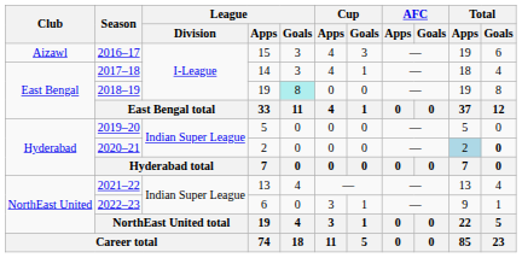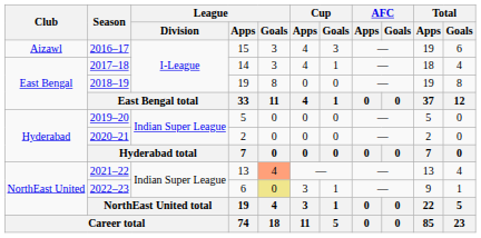 <table class="wikitable" style="text-align: center;">
 <tr>
 <th rowspan="2">Club</th>
 <th rowspan="2">Season</th>
 <th colspan="3">League</th>
 <th colspan="2">Cup</th>
 <th colspan="2"><a href='#'>AFC</a></th>
 <th colspan="2">Total</th>
 </tr>
 <tr>
 <th>Division</th>
 <th>Apps</th>
 <th>Goals</th>
 <th>Apps</th>
 <th>Goals</th>
 <th>Apps</th>
 <th>Goals</th>
 <th>Apps</th>
 <th>Goals</th>
 </tr>
 <tr>
 <td rowspan="1"><a href='#'>Aizawl</a></td>
 <td><a href='#'>2016–17</a></td>
 <td rowspan="3"><a href='#'>I-League</a></td>
 <td>15</td>
 <td>3</td>
 <td>4</td>
 <td>3</td>
 <td colspan="2">—</td>
 <td>19</td>
 <td>6</td>
 </tr>
 <tr>
 <td rowspan="3"><a href='#'>East Bengal</a></td>
 <td><a href='#'>2017–18</a></td>
 <td>14</td>
 <td>3</td>
 <td>4</td>
 <td>1</td>
 <td colspan="2">—</td>
 <td>18</td>
 <td>4</td>
 </tr>
 <tr>
 <td><a href='#'>2018–19</a></td>
 <td>19</td>
-<td style="background: paleturquoise;">8</td>
+<td>8</td>
 <td>0</td>
 <td>0</td>
 <td colspan="2">—</td>
 <td>19</td>
 <td>8</td>
 </tr>
 <tr>
 <th colspan="2">East Bengal total</th>
 <th>33</th>
 <th>11</th>
 <th>4</th>
 <th>1</th>
 <th>0</th>
 <th>0</th>
 <th>37</th>
 <th>12</th>
 </tr>
 <tr>
 <td rowspan="3"><a href='#'>Hyderabad</a></td>
 <td><a href='#'>2019–20</a></td>
 <td rowspan="2"><a href='#'>Indian Super League</a></td>
 <td>5</td>
 <td>0</td>
 <td>0</td>
 <td>0</td>
 <td colspan="2">—</td>
 <td>5</td>
 <td>0</td>
 </tr>
 <tr>
 <td><a href='#'>2020–21</a></td>
 <td>2</td>
 <td>0</td>
 <td>0</td>
 <td>0</td>
 <td colspan="2">—</td>
-<td style="background: lightblue;">2</td>
-<td><strong>0</strong></td>
+<td>2</td>
+<td>0</td>
 </tr>
 <tr>
 <th colspan="2">Hyderabad total</th>
 <th>7</th>
 <th>0</th>
 <th>0</th>
 <th>0</th>
 <th>0</th>
 <th>0</th>
 <th>7</th>
 <th>0</th>
 </tr>
 <tr>
 <td rowspan="3"><a href='#'>NorthEast United</a></td>
 <td><a href='#'>2021–22</a></td>
 <td rowspan="2">Indian Super League</td>
 <td>13</td>
-<td>4</td>
+<td style="background: lightsalmon;">4</td>
 <td colspan="2">—</td>
 <td colspan="2">—</td>
 <td>13</td>
 <td>4</td>
 </tr>
 <tr>
 <td><a href='#'>2022–23</a></td>
 <td>6</td>
-<td>0</td>
+<td style="background: khaki;">0</td>
 <td>3</td>
 <td>1</td>
 <td colspan="2">—</td>
 <td>9</td>
 <td>1</td>
 </tr>
 <tr>
 <th colspan="2">NorthEast United total</th>
 <th>19</th>
 <th>4</th>
 <th>3</th>
 <th>1</th>
 <th>0</th>
 <th>0</th>
 <th>22</th>
 <th>5</th>
 </tr>
 <tr>
 <th colspan="3">Career total</th>
 <th>74</th>
 <th>18</th>
 <th>11</th>
 <th>5</th>
 <th>0</th>
 <th>0</th>
 <th>85</th>
 <th>23</th>
 </tr>
 </table>
